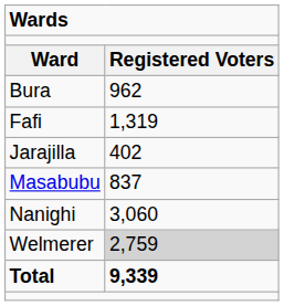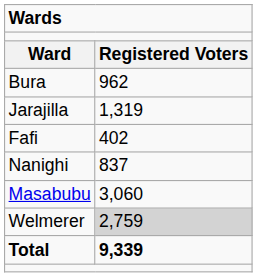 <table class="wikitable">
 <tr>
 <td colspan="2"><strong>Wards</strong></td>
 </tr>
 <tr>
 <td colspan="2"></td>
 </tr>
 <tr>
 <th>Ward</th>
 <th>Registered Voters</th>
 </tr>
 <tr>
 <td>Bura</td>
 <td>962</td>
 </tr>
 <tr>
-<td>Fafi</td>
+<td>Jarajilla</td>
 <td>1,319</td>
 </tr>
 <tr>
-<td>Jarajilla</td>
+<td>Fafi</td>
 <td>402</td>
 </tr>
 <tr>
-<td><a href='#'>Masabubu</a></td>
+<td>Nanighi</td>
 <td>837</td>
 </tr>
 <tr>
-<td>Nanighi</td>
+<td><a href='#'>Masabubu</a></td>
 <td>3,060</td>
 </tr>
 <tr>
 <td>Welmerer</td>
 <td style="background: lightgrey;">2,759</td>
 </tr>
 <tr>
 <td><strong>Total</strong></td>
 <td><strong>9,339</strong></td>
 </tr>
 <tr>
 <td colspan="2"></td>
 </tr>
 </table>
